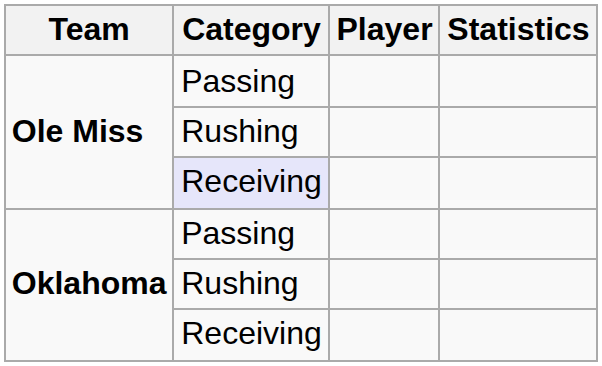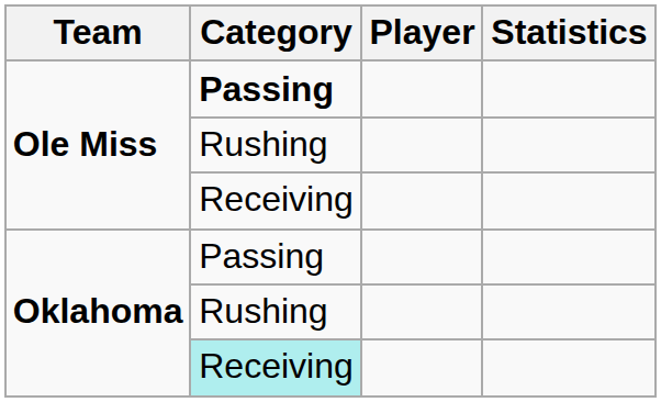 <table class="wikitable" style="float: right;">
 <tr>
 <th>Team</th>
 <th>Category</th>
 <th>Player</th>
 <th>Statistics</th>
 </tr>
 <tr>
 <td rowspan=3><strong>Ole Miss</strong></td>
-<td>Passing</td>
+<td><strong>Passing</strong></td>
 <td></td>
 <td></td>
 </tr>
 <tr>
 <td>Rushing</td>
 <td></td>
 <td></td>
 </tr>
 <tr>
-<td style="background: lavender;">Receiving</td>
+<td>Receiving</td>
 <td></td>
 <td></td>
 </tr>
 <tr>
 <td rowspan=3><strong>Oklahoma</strong></td>
 <td>Passing</td>
 <td></td>
 <td></td>
 </tr>
 <tr>
 <td>Rushing</td>
 <td></td>
 <td></td>
 </tr>
 <tr>
-<td>Receiving</td>
+<td style="background: paleturquoise;">Receiving</td>
 <td></td>
 <td></td>
 </tr>
 </table>
